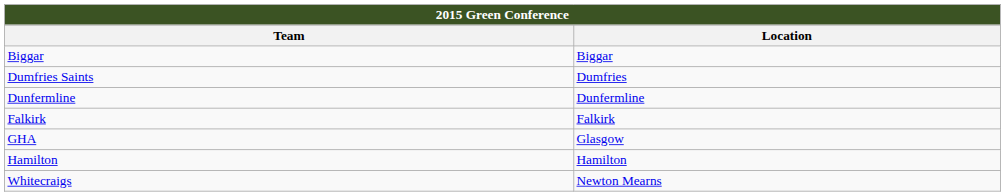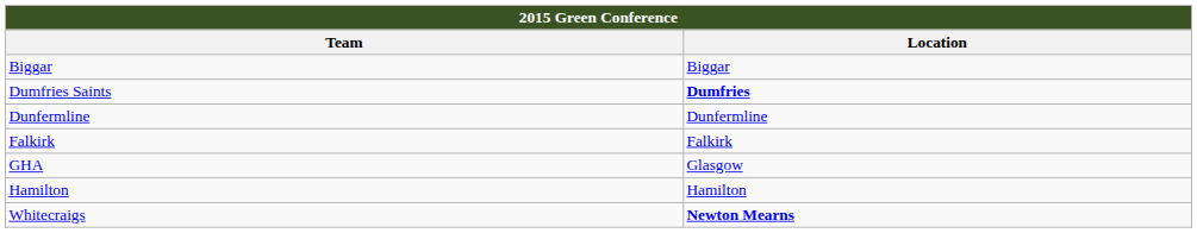 <table class="wikitable sortable" style="text-align:left; line-height:110%; font-size:100%; width:95%;">
 <tr>
 <td colspan=4 align=center  style="background-color:#3B5323;color:#ffffff"><strong>2015 Green Conference</strong></td>
 </tr>
 <tr>
 <th width="40%">Team</th>
 <th width="30%">Location</th>
 </tr>
 <tr>
 <td><a href='#'>Biggar</a></td>
 <td><a href='#'>Biggar</a></td>
 </tr>
 <tr>
 <td><a href='#'>Dumfries Saints</a></td>
-<td><a href='#'>Dumfries</a></td>
+<td><strong><a href='#'>Dumfries</a></strong></td>
 </tr>
 <tr>
 <td><a href='#'>Dunfermline</a></td>
 <td><a href='#'>Dunfermline</a></td>
 </tr>
 <tr>
 <td><a href='#'>Falkirk</a></td>
 <td><a href='#'>Falkirk</a></td>
 </tr>
 <tr>
 <td><a href='#'>GHA</a></td>
 <td><a href='#'>Glasgow</a></td>
 </tr>
 <tr>
 <td><a href='#'>Hamilton</a></td>
 <td><a href='#'>Hamilton</a></td>
 </tr>
 <tr>
 <td><a href='#'>Whitecraigs</a></td>
-<td><a href='#'>Newton Mearns</a></td>
+<td><strong><a href='#'>Newton Mearns</a></strong></td>
 </tr>
 </table>
